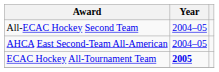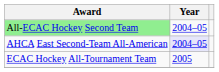 <table class="wikitable">
 <tr>
 <th>Award</th>
 <th>Year</th>
 <th></th>
 </tr>
 <tr>
-<td>All-<a href='#'>ECAC Hockey</a> <a href='#'>Second Team</a></td>
+<td style="background: lightgreen;">All-<a href='#'>ECAC Hockey</a> <a href='#'>Second Team</a></td>
 <td><a href='#'>2004–05</a></td>
 <td></td>
 </tr>
 <tr>
 <td><a href='#'>AHCA</a> <a href='#'>East Second-Team All-American</a></td>
-<td><a href='#'>2004–05</a></td>
+<td style="background: lavender;"><a href='#'>2004–05</a></td>
 <td></td>
 </tr>
 <tr>
 <td><a href='#'>ECAC Hockey</a> <a href='#'>All-Tournament Team</a></td>
-<td><strong><a href='#'>2005</a></strong></td>
+<td><a href='#'>2005</a></td>
 <td></td>
 </tr>
 <tr>
 </tr>
 </table>
